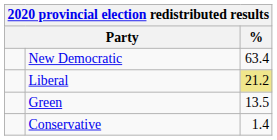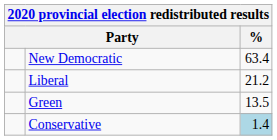 <table class="wikitable">
 <tr>
 <th colspan="4"><a href='#'>2020 provincial election</a> redistributed results</th>
 </tr>
 <tr>
 <th bgcolor="#DDDDFF" width="130px" colspan="2">Party</th>
 <th bgcolor="#DDDDFF" width="30px">%</th>
 </tr>
 <tr>
 <td> </td>
 <td><a href='#'>New Democratic</a></td>
 <td align=right>63.4</td>
 </tr>
 <tr>
 <td> </td>
 <td><a href='#'>Liberal</a></td>
-<td align=right style="background: khaki;">21.2</td>
+<td align=right>21.2</td>
 </tr>
 <tr>
 <td> </td>
 <td><a href='#'>Green</a></td>
 <td align=right>13.5</td>
 </tr>
 <tr>
 <td> </td>
 <td><a href='#'>Conservative</a></td>
-<td align=right>1.4</td>
+<td align=right style="background: lightblue;">1.4</td>
 </tr>
 </table>
